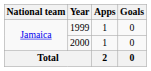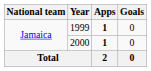 <table class="wikitable" style="text-align:center">
 <tr>
 <th>National team</th>
 <th>Year</th>
 <th>Apps</th>
 <th>Goals</th>
 </tr>
 <tr>
 <td rowspan="2"><a href='#'>Jamaica</a></td>
 <td>1999</td>
-<td>1</td>
+<td><strong>1</strong></td>
 <td>0</td>
 </tr>
 <tr>
 <td>2000</td>
-<td>1</td>
+<td><strong>1</strong></td>
 <td>0</td>
 </tr>
 <tr>
 <th colspan="2">Total</th>
 <th>2</th>
 <th>0</th>
 </tr>
 </table>
